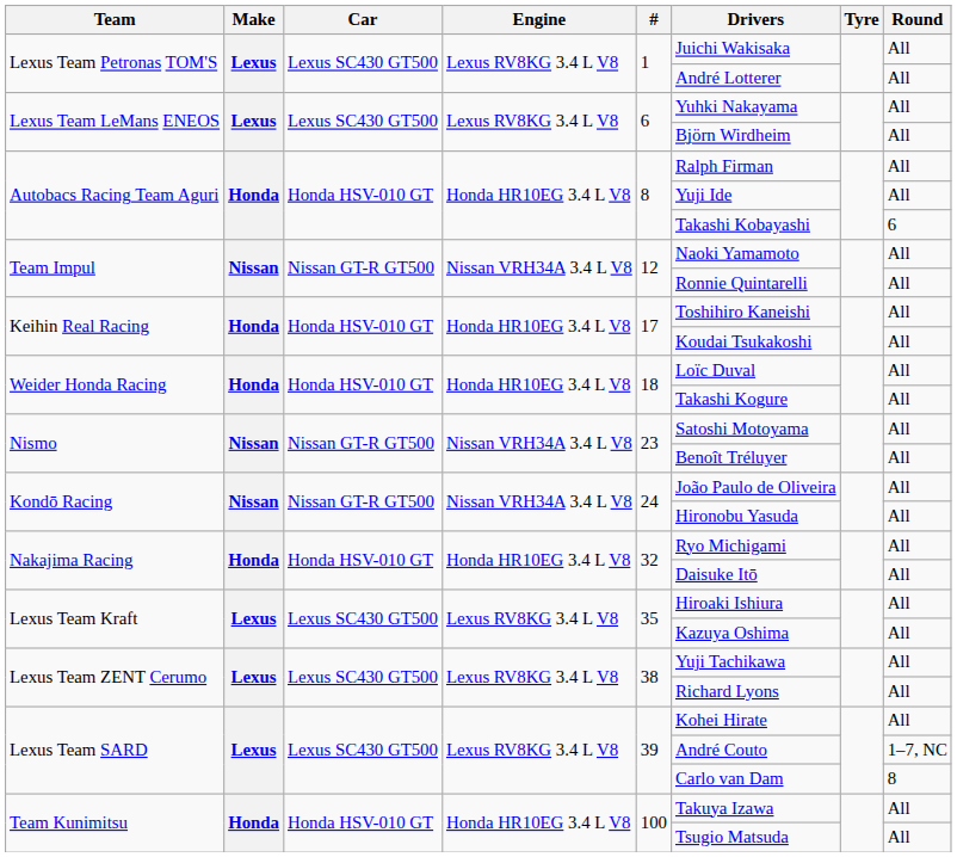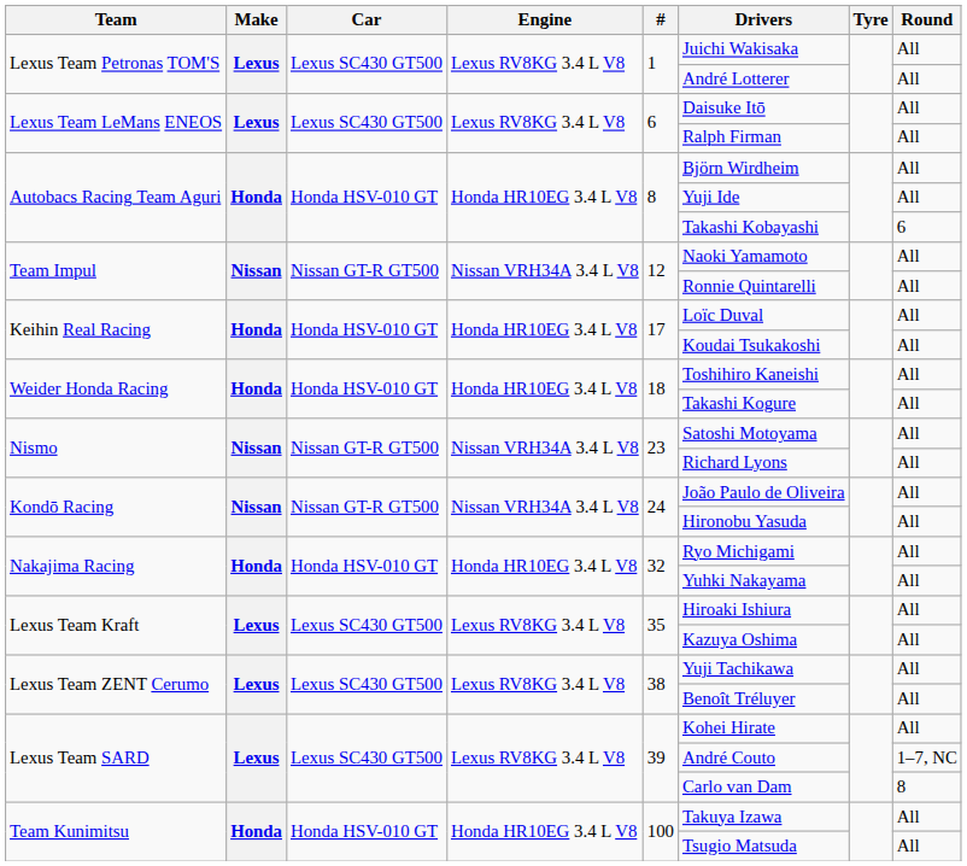 <table class="wikitable" style="font-size: 85%;">
 <tr>
 <th>Team</th>
 <th>Make</th>
 <th>Car</th>
 <th>Engine</th>
 <th>#</th>
 <th>Drivers</th>
 <th>Tyre</th>
 <th>Round</th>
 </tr>
 <tr>
 <td rowspan=2> Lexus Team <a href='#'>Petronas</a> <a href='#'>TOM'S</a></td>
 <th rowspan=2><a href='#'>Lexus</a></th>
 <td rowspan=2><a href='#'>Lexus SC430 GT500</a></td>
 <td rowspan=2><a href='#'>Lexus RV8KG</a> 3.4 L <a href='#'>V8</a></td>
 <td rowspan=2>1</td>
 <td> <a href='#'>Juichi Wakisaka</a></td>
 <td align=center rowspan=2></td>
 <td>All</td>
 </tr>
 <tr>
 <td> <a href='#'>André Lotterer</a></td>
 <td>All</td>
 </tr>
 <tr>
 <td rowspan=2> <a href='#'>Lexus Team LeMans</a> <a href='#'>ENEOS</a></td>
 <th rowspan=2><a href='#'>Lexus</a></th>
 <td rowspan=2><a href='#'>Lexus SC430 GT500</a></td>
 <td rowspan=2><a href='#'>Lexus RV8KG</a> 3.4 L <a href='#'>V8</a></td>
 <td rowspan=2>6</td>
-<td> <a href='#'>Yuhki Nakayama</a></td>
+<td> <a href='#'>Daisuke Itō</a></td>
 <td align=center rowspan=2></td>
 <td>All</td>
 </tr>
 <tr>
-<td> <a href='#'>Björn Wirdheim</a></td>
+<td> <a href='#'>Ralph Firman</a></td>
 <td>All</td>
 </tr>
 <tr>
 <td rowspan=3> <a href='#'>Autobacs Racing Team Aguri</a></td>
 <th rowspan=3><a href='#'>Honda</a></th>
 <td rowspan=3><a href='#'>Honda HSV-010 GT</a></td>
 <td rowspan=3><a href='#'>Honda HR10EG</a> 3.4 L <a href='#'>V8</a></td>
 <td rowspan=3>8</td>
-<td> <a href='#'>Ralph Firman</a></td>
+<td> <a href='#'>Björn Wirdheim</a></td>
 <td align=center rowspan=3></td>
 <td>All</td>
 </tr>
 <tr>
 <td> <a href='#'>Yuji Ide</a></td>
 <td>All</td>
 </tr>
 <tr>
 <td> <a href='#'>Takashi Kobayashi</a></td>
 <td>6</td>
 </tr>
 <tr>
 <td rowspan=2> <a href='#'>Team Impul</a></td>
 <th rowspan=2><a href='#'>Nissan</a></th>
 <td rowspan=2><a href='#'>Nissan GT-R GT500</a></td>
 <td rowspan=2><a href='#'>Nissan VRH34A</a> 3.4 L <a href='#'>V8</a></td>
 <td rowspan=2>12</td>
 <td> <a href='#'>Naoki Yamamoto</a></td>
 <td align=center rowspan=2></td>
 <td>All</td>
 </tr>
 <tr>
 <td> <a href='#'>Ronnie Quintarelli</a></td>
 <td>All</td>
 </tr>
 <tr>
 <td rowspan=2> Keihin <a href='#'>Real Racing</a></td>
 <th rowspan=2><a href='#'>Honda</a></th>
 <td rowspan=2><a href='#'>Honda HSV-010 GT</a></td>
 <td rowspan=2><a href='#'>Honda HR10EG</a> 3.4 L <a href='#'>V8</a></td>
 <td rowspan=2>17</td>
-<td> <a href='#'>Toshihiro Kaneishi</a></td>
+<td> <a href='#'>Loïc Duval</a></td>
 <td align=center rowspan=2></td>
 <td>All</td>
 </tr>
 <tr>
 <td> <a href='#'>Koudai Tsukakoshi</a></td>
 <td>All</td>
 </tr>
 <tr>
 <td rowspan=2> <a href='#'>Weider Honda Racing</a></td>
 <th rowspan=2><a href='#'>Honda</a></th>
 <td rowspan=2><a href='#'>Honda HSV-010 GT</a></td>
 <td rowspan=2><a href='#'>Honda HR10EG</a> 3.4 L <a href='#'>V8</a></td>
 <td rowspan=2>18</td>
-<td> <a href='#'>Loïc Duval</a></td>
+<td> <a href='#'>Toshihiro Kaneishi</a></td>
 <td align=center rowspan=2></td>
 <td>All</td>
 </tr>
 <tr>
 <td> <a href='#'>Takashi Kogure</a></td>
 <td>All</td>
 </tr>
 <tr>
 <td rowspan=2> <a href='#'>Nismo</a></td>
 <th rowspan=2><a href='#'>Nissan</a></th>
 <td rowspan=2><a href='#'>Nissan GT-R GT500</a></td>
 <td rowspan=2><a href='#'>Nissan VRH34A</a> 3.4 L <a href='#'>V8</a></td>
 <td rowspan=2>23</td>
 <td> <a href='#'>Satoshi Motoyama</a></td>
 <td align=center rowspan=2></td>
 <td>All</td>
 </tr>
 <tr>
-<td> <a href='#'>Benoît Tréluyer</a></td>
+<td> <a href='#'>Richard Lyons</a></td>
 <td>All</td>
 </tr>
 <tr>
 <td rowspan=2> <a href='#'>Kondō Racing</a></td>
 <th rowspan=2><a href='#'>Nissan</a></th>
 <td rowspan=2><a href='#'>Nissan GT-R GT500</a></td>
 <td rowspan=2><a href='#'>Nissan VRH34A</a> 3.4 L <a href='#'>V8</a></td>
 <td rowspan=2>24</td>
 <td> <a href='#'>João Paulo de Oliveira</a></td>
 <td align=center rowspan=2></td>
 <td>All</td>
 </tr>
 <tr>
 <td> <a href='#'>Hironobu Yasuda</a></td>
 <td>All</td>
 </tr>
 <tr>
 <td rowspan=2> <a href='#'>Nakajima Racing</a></td>
 <th rowspan=2><a href='#'>Honda</a></th>
 <td rowspan=2><a href='#'>Honda HSV-010 GT</a></td>
 <td rowspan=2><a href='#'>Honda HR10EG</a> 3.4 L <a href='#'>V8</a></td>
 <td rowspan=2>32</td>
 <td> <a href='#'>Ryo Michigami</a></td>
 <td align=center rowspan=2></td>
 <td>All</td>
 </tr>
 <tr>
-<td> <a href='#'>Daisuke Itō</a></td>
+<td> <a href='#'>Yuhki Nakayama</a></td>
 <td>All</td>
 </tr>
 <tr>
 <td rowspan=2> Lexus Team Kraft</td>
 <th rowspan=2><a href='#'>Lexus</a></th>
 <td rowspan=2><a href='#'>Lexus SC430 GT500</a></td>
 <td rowspan=2><a href='#'>Lexus RV8KG</a> 3.4 L <a href='#'>V8</a></td>
 <td rowspan=2>35</td>
 <td> <a href='#'>Hiroaki Ishiura</a></td>
 <td align=center rowspan=2></td>
 <td>All</td>
 </tr>
 <tr>
 <td> <a href='#'>Kazuya Oshima</a></td>
 <td>All</td>
 </tr>
 <tr>
 <td rowspan=2> Lexus Team ZENT <a href='#'>Cerumo</a></td>
 <th rowspan=2><a href='#'>Lexus</a></th>
 <td rowspan=2><a href='#'>Lexus SC430 GT500</a></td>
 <td rowspan=2><a href='#'>Lexus RV8KG</a> 3.4 L <a href='#'>V8</a></td>
 <td rowspan=2>38</td>
 <td> <a href='#'>Yuji Tachikawa</a></td>
 <td align=center rowspan=2></td>
 <td>All</td>
 </tr>
 <tr>
-<td> <a href='#'>Richard Lyons</a></td>
+<td> <a href='#'>Benoît Tréluyer</a></td>
 <td>All</td>
 </tr>
 <tr>
 <td rowspan=3> Lexus Team <a href='#'>SARD</a></td>
 <th rowspan=3><a href='#'>Lexus</a></th>
 <td rowspan=3><a href='#'>Lexus SC430 GT500</a></td>
 <td rowspan=3><a href='#'>Lexus RV8KG</a> 3.4 L <a href='#'>V8</a></td>
 <td rowspan=3>39</td>
 <td> <a href='#'>Kohei Hirate</a></td>
 <td align=center rowspan=3></td>
 <td>All</td>
 </tr>
 <tr>
 <td> <a href='#'>André Couto</a></td>
 <td>1–7, NC</td>
 </tr>
 <tr>
 <td> <a href='#'>Carlo van Dam</a></td>
 <td>8</td>
 </tr>
 <tr>
 <td rowspan=2> <a href='#'>Team Kunimitsu</a></td>
 <th rowspan=2><a href='#'>Honda</a></th>
 <td rowspan=2><a href='#'>Honda HSV-010 GT</a></td>
 <td rowspan=2><a href='#'>Honda HR10EG</a> 3.4 L <a href='#'>V8</a></td>
 <td rowspan=2>100</td>
 <td> <a href='#'>Takuya Izawa</a></td>
 <td align=center rowspan=2></td>
 <td>All</td>
 </tr>
 <tr>
 <td> <a href='#'>Tsugio Matsuda</a></td>
 <td>All</td>
 </tr>
 </table>
